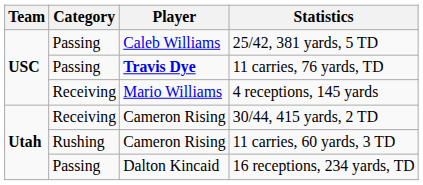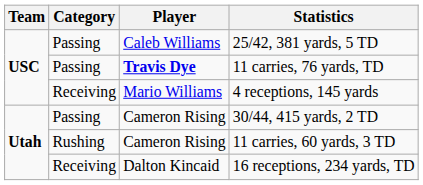 <table class="wikitable" style="float: right;">
 <tr>
 <th>Team</th>
 <th>Category</th>
 <th>Player</th>
 <th>Statistics</th>
 </tr>
 <tr>
 <td rowspan=3><strong>USC</strong></td>
 <td>Passing</td>
 <td><a href='#'>Caleb Williams</a></td>
 <td>25/42, 381 yards, 5 TD</td>
 </tr>
 <tr>
 <td>Passing</td>
 <td><strong><a href='#'>Travis Dye</a></strong></td>
 <td>11 carries, 76 yards, TD</td>
 </tr>
 <tr>
 <td>Receiving</td>
 <td><a href='#'>Mario Williams</a></td>
 <td>4 receptions, 145 yards</td>
 </tr>
 <tr>
 <td rowspan=3><strong>Utah</strong></td>
-<td>Receiving</td>
+<td>Passing</td>
 <td>Cameron Rising</td>
 <td>30/44, 415 yards, 2 TD</td>
 </tr>
 <tr>
 <td>Rushing</td>
 <td>Cameron Rising</td>
 <td>11 carries, 60 yards, 3 TD</td>
 </tr>
 <tr>
-<td>Passing</td>
+<td>Receiving</td>
 <td>Dalton Kincaid</td>
 <td>16 receptions, 234 yards, TD</td>
 </tr>
 </table>
